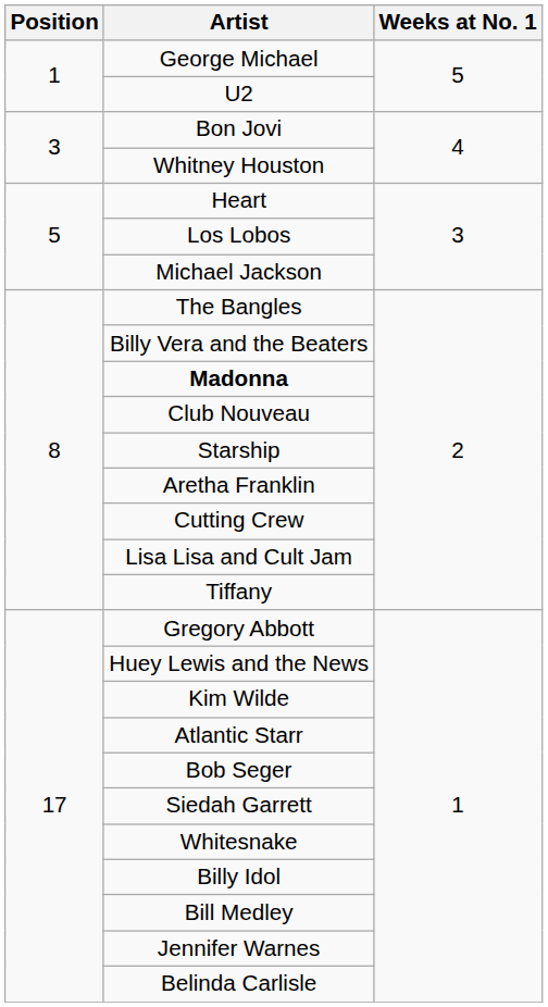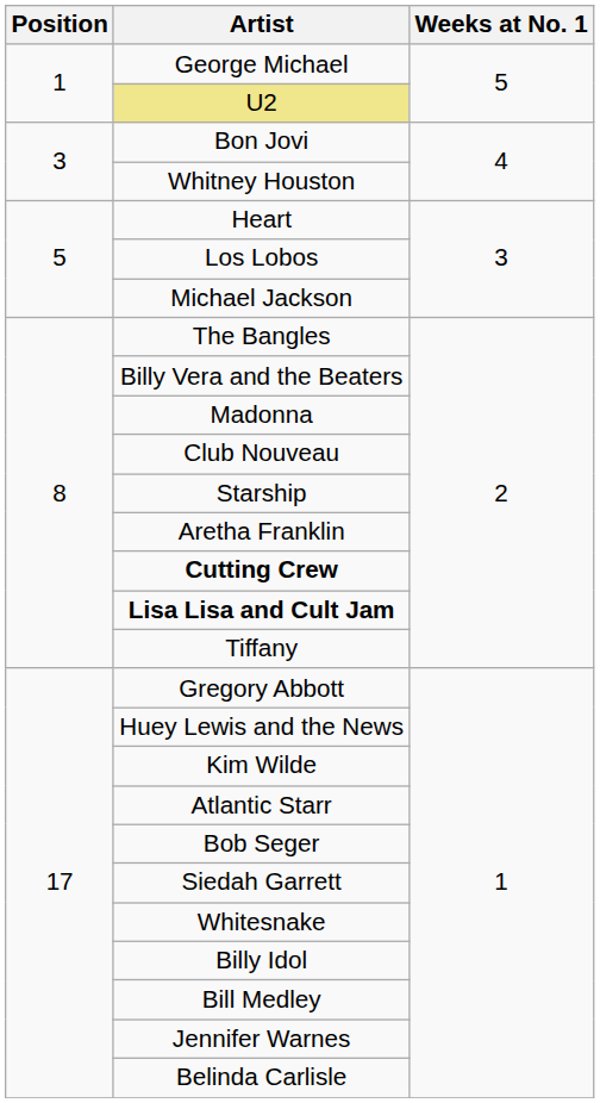 <table class="wikitable plainrowheaders" style="text-align:center;">
 <tr>
 <th>Position</th>
 <th>Artist</th>
 <th>Weeks at No. 1</th>
 </tr>
 <tr>
 <td rowspan=2>1</td>
 <td>George Michael</td>
 <td rowspan=2>5</td>
 </tr>
 <tr>
-<td>U2</td>
+<td style="background: khaki;">U2</td>
 </tr>
 <tr>
 <td rowspan=2>3</td>
 <td>Bon Jovi</td>
 <td rowspan=2>4</td>
 </tr>
 <tr>
 <td>Whitney Houston</td>
 </tr>
 <tr>
 <td rowspan=3>5</td>
 <td>Heart</td>
 <td rowspan=3>3</td>
 </tr>
 <tr>
 <td>Los Lobos</td>
 </tr>
 <tr>
 <td>Michael Jackson</td>
 </tr>
 <tr>
 <td rowspan=9>8</td>
 <td>The Bangles</td>
 <td rowspan=9>2</td>
 </tr>
 <tr>
 <td>Billy Vera and the Beaters</td>
 </tr>
 <tr>
-<td><strong>Madonna</strong></td>
+<td>Madonna</td>
 </tr>
 <tr>
 <td>Club Nouveau</td>
 </tr>
 <tr>
 <td>Starship</td>
 </tr>
 <tr>
 <td>Aretha Franklin</td>
 </tr>
 <tr>
-<td>Cutting Crew</td>
+<td><strong>Cutting Crew</strong></td>
 </tr>
 <tr>
-<td>Lisa Lisa and Cult Jam</td>
+<td><strong>Lisa Lisa and Cult Jam</strong></td>
 </tr>
 <tr>
 <td>Tiffany</td>
 </tr>
 <tr>
 <td rowspan=11>17</td>
 <td>Gregory Abbott</td>
 <td rowspan=11>1</td>
 </tr>
 <tr>
 <td>Huey Lewis and the News</td>
 </tr>
 <tr>
 <td>Kim Wilde</td>
 </tr>
 <tr>
 <td>Atlantic Starr</td>
 </tr>
 <tr>
 <td>Bob Seger</td>
 </tr>
 <tr>
 <td>Siedah Garrett</td>
 </tr>
 <tr>
 <td>Whitesnake</td>
 </tr>
 <tr>
 <td>Billy Idol</td>
 </tr>
 <tr>
 <td>Bill Medley</td>
 </tr>
 <tr>
 <td>Jennifer Warnes</td>
 </tr>
 <tr>
 <td>Belinda Carlisle</td>
 </tr>
 </table>
